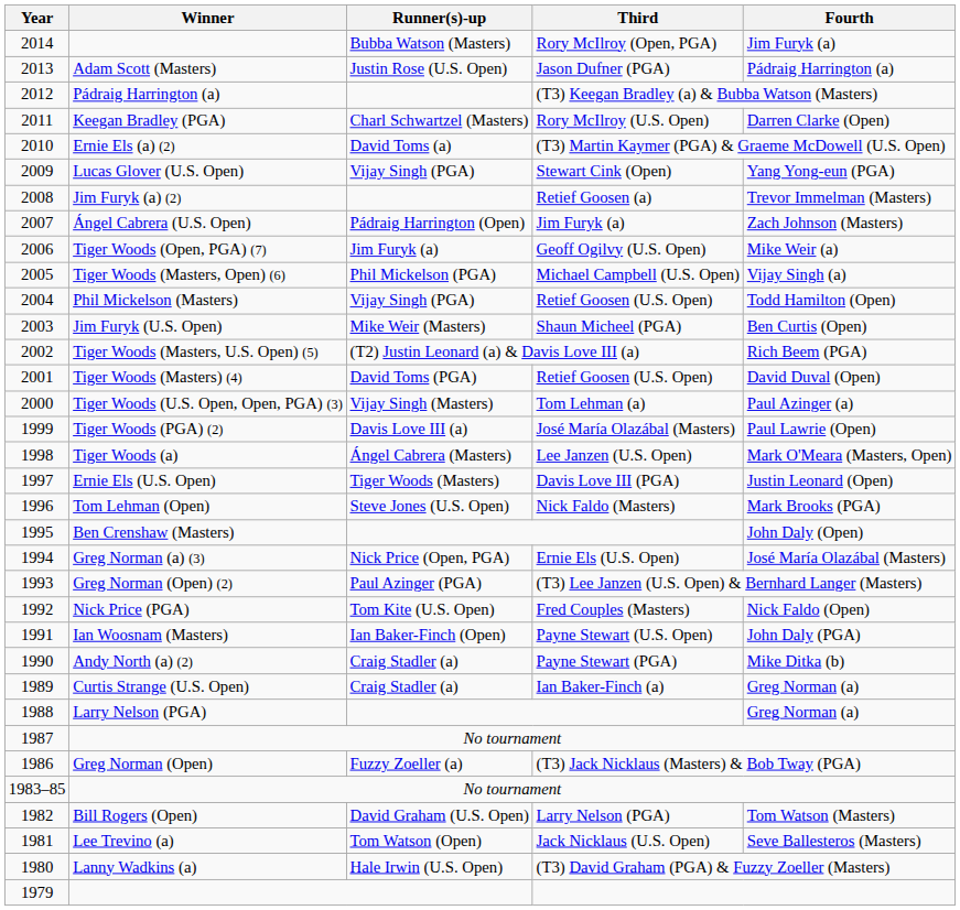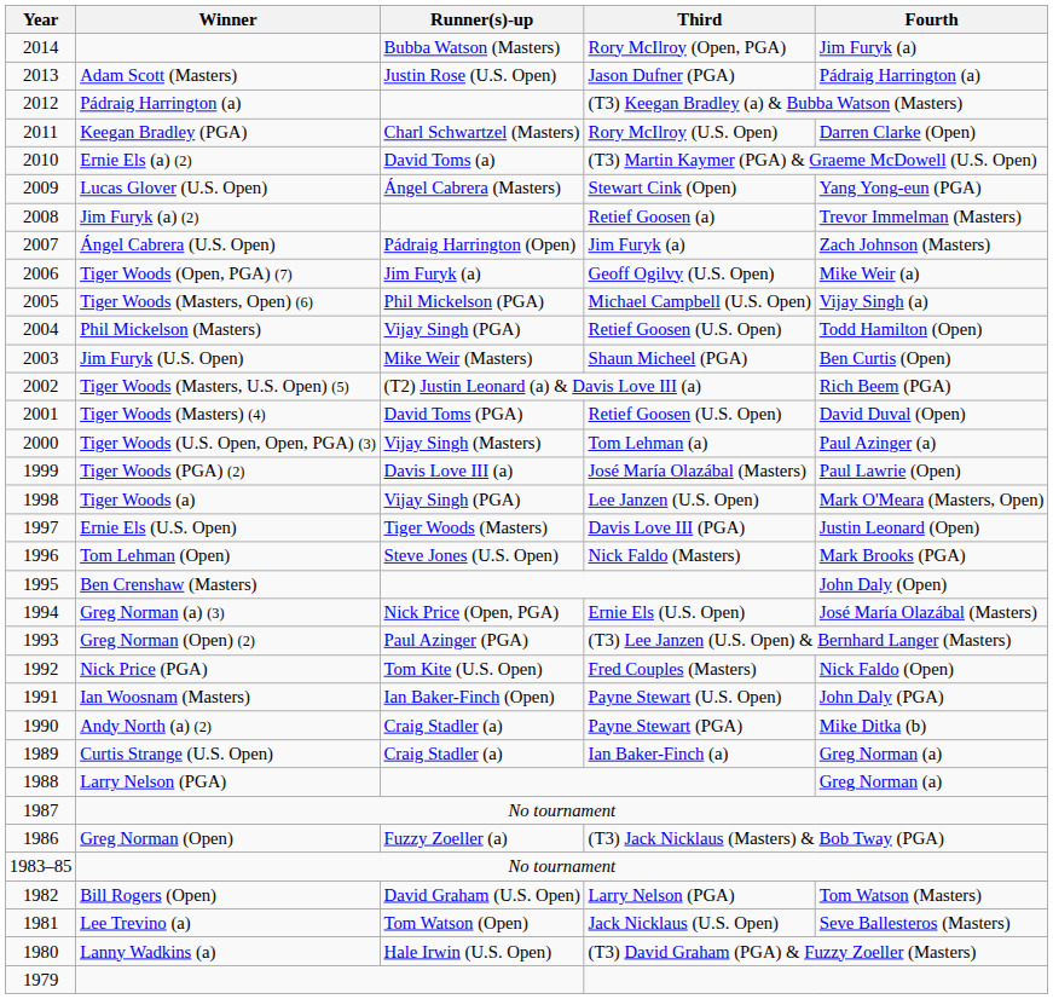 <table class="wikitable">
 <tr>
 <th>Year</th>
 <th>Winner</th>
 <th>Runner(s)-up</th>
 <th>Third</th>
 <th>Fourth</th>
 </tr>
 <tr>
 <td align=center>2014</td>
 <td></td>
 <td> <a href='#'>Bubba Watson</a> (Masters)</td>
 <td> <a href='#'>Rory McIlroy</a> (Open, PGA)</td>
 <td> <a href='#'>Jim Furyk</a> (a)</td>
 </tr>
 <tr>
 <td align=center>2013</td>
 <td> <a href='#'>Adam Scott</a> (Masters)</td>
 <td> <a href='#'>Justin Rose</a> (U.S. Open)</td>
 <td> <a href='#'>Jason Dufner</a> (PGA)</td>
 <td> <a href='#'>Pádraig Harrington</a> (a)</td>
 </tr>
 <tr>
 <td align=center>2012</td>
 <td> <a href='#'>Pádraig Harrington</a> (a)</td>
 <td></td>
 <td colspan=2>(T3)  <a href='#'>Keegan Bradley</a> (a) &  <a href='#'>Bubba Watson</a> (Masters)</td>
 </tr>
 <tr>
 <td align=center>2011</td>
 <td> <a href='#'>Keegan Bradley</a> (PGA)</td>
 <td> <a href='#'>Charl Schwartzel</a> (Masters)</td>
 <td> <a href='#'>Rory McIlroy</a> (U.S. Open)</td>
 <td> <a href='#'>Darren Clarke</a> (Open)</td>
 </tr>
 <tr>
 <td align=center>2010</td>
 <td> <a href='#'>Ernie Els</a> (a) <small>(2)</small></td>
 <td> <a href='#'>David Toms</a> (a)</td>
 <td colspan=2>(T3)  <a href='#'>Martin Kaymer</a> (PGA) &  <a href='#'>Graeme McDowell</a> (U.S. Open)</td>
 </tr>
 <tr>
 <td align=center>2009</td>
 <td> <a href='#'>Lucas Glover</a> (U.S. Open)</td>
-<td> <a href='#'>Vijay Singh</a> (PGA)</td>
+<td>  <a href='#'>Ángel Cabrera</a> (Masters)</td>
 <td> <a href='#'>Stewart Cink</a> (Open)</td>
 <td> <a href='#'>Yang Yong-eun</a> (PGA)</td>
 </tr>
 <tr>
 <td align=center>2008</td>
 <td> <a href='#'>Jim Furyk</a> (a) <small>(2)</small></td>
 <td></td>
 <td> <a href='#'>Retief Goosen</a> (a)</td>
 <td> <a href='#'>Trevor Immelman</a> (Masters)</td>
 </tr>
 <tr>
 <td align=center>2007</td>
 <td> <a href='#'>Ángel Cabrera</a> (U.S. Open)</td>
 <td> <a href='#'>Pádraig Harrington</a> (Open)</td>
 <td> <a href='#'>Jim Furyk</a> (a)</td>
 <td> <a href='#'>Zach Johnson</a> (Masters)</td>
 </tr>
 <tr>
 <td align=center>2006</td>
 <td> <a href='#'>Tiger Woods</a> (Open, PGA) <small>(7)</small></td>
 <td> <a href='#'>Jim Furyk</a> (a)</td>
 <td> <a href='#'>Geoff Ogilvy</a> (U.S. Open)</td>
 <td> <a href='#'>Mike Weir</a> (a)</td>
 </tr>
 <tr>
 <td align=center>2005</td>
 <td> <a href='#'>Tiger Woods</a> (Masters, Open) <small>(6)</small></td>
 <td> <a href='#'>Phil Mickelson</a> (PGA)</td>
 <td> <a href='#'>Michael Campbell</a> (U.S. Open)</td>
 <td> <a href='#'>Vijay Singh</a> (a)</td>
 </tr>
 <tr>
 <td align=center>2004</td>
 <td> <a href='#'>Phil Mickelson</a> (Masters)</td>
 <td> <a href='#'>Vijay Singh</a> (PGA)</td>
 <td> <a href='#'>Retief Goosen</a> (U.S. Open)</td>
 <td> <a href='#'>Todd Hamilton</a> (Open)</td>
 </tr>
 <tr>
 <td align=center>2003</td>
 <td> <a href='#'>Jim Furyk</a> (U.S. Open)</td>
 <td> <a href='#'>Mike Weir</a> (Masters)</td>
 <td> <a href='#'>Shaun Micheel</a> (PGA)</td>
 <td> <a href='#'>Ben Curtis</a> (Open)</td>
 </tr>
 <tr>
 <td align=center>2002</td>
 <td> <a href='#'>Tiger Woods</a> (Masters, U.S. Open) <small>(5)</small></td>
 <td colspan=2>(T2)  <a href='#'>Justin Leonard</a> (a) &  <a href='#'>Davis Love III</a> (a)</td>
 <td> <a href='#'>Rich Beem</a> (PGA)</td>
 </tr>
 <tr>
 <td align=center>2001</td>
 <td> <a href='#'>Tiger Woods</a> (Masters) <small>(4)</small></td>
 <td> <a href='#'>David Toms</a> (PGA)</td>
 <td> <a href='#'>Retief Goosen</a> (U.S. Open)</td>
 <td> <a href='#'>David Duval</a> (Open)</td>
 </tr>
 <tr>
 <td align=center>2000</td>
 <td> <a href='#'>Tiger Woods</a> (U.S. Open, Open, PGA) <small>(3)</small></td>
 <td> <a href='#'>Vijay Singh</a> (Masters)</td>
 <td> <a href='#'>Tom Lehman</a> (a)</td>
 <td> <a href='#'>Paul Azinger</a> (a)</td>
 </tr>
 <tr>
 <td align=center>1999</td>
 <td> <a href='#'>Tiger Woods</a> (PGA) <small>(2)</small></td>
 <td> <a href='#'>Davis Love III</a> (a)</td>
 <td> <a href='#'>José María Olazábal</a> (Masters)</td>
 <td> <a href='#'>Paul Lawrie</a> (Open)</td>
 </tr>
 <tr>
 <td align=center>1998</td>
 <td> <a href='#'>Tiger Woods</a> (a)</td>
-<td>  <a href='#'>Ángel Cabrera</a> (Masters)</td>
+<td> <a href='#'>Vijay Singh</a> (PGA)</td>
 <td> <a href='#'>Lee Janzen</a> (U.S. Open)</td>
 <td> <a href='#'>Mark O'Meara</a> (Masters, Open)</td>
 </tr>
 <tr>
 <td align=center>1997</td>
 <td> <a href='#'>Ernie Els</a> (U.S. Open)</td>
 <td> <a href='#'>Tiger Woods</a> (Masters)</td>
 <td> <a href='#'>Davis Love III</a> (PGA)</td>
 <td> <a href='#'>Justin Leonard</a> (Open)</td>
 </tr>
 <tr>
 <td align=center>1996</td>
 <td> <a href='#'>Tom Lehman</a> (Open)</td>
 <td> <a href='#'>Steve Jones</a> (U.S. Open)</td>
 <td> <a href='#'>Nick Faldo</a> (Masters)</td>
 <td> <a href='#'>Mark Brooks</a> (PGA)</td>
 </tr>
 <tr>
 <td align=center>1995</td>
 <td> <a href='#'>Ben Crenshaw</a> (Masters)</td>
 <td colspan=2></td>
 <td> <a href='#'>John Daly</a> (Open)</td>
 </tr>
 <tr>
 <td align=center>1994</td>
 <td> <a href='#'>Greg Norman</a> (a) <small>(3)</small></td>
 <td> <a href='#'>Nick Price</a> (Open, PGA)</td>
 <td> <a href='#'>Ernie Els</a> (U.S. Open)</td>
 <td> <a href='#'>José María Olazábal</a> (Masters)</td>
 </tr>
 <tr>
 <td align=center>1993</td>
 <td> <a href='#'>Greg Norman</a> (Open) <small>(2)</small></td>
 <td> <a href='#'>Paul Azinger</a> (PGA)</td>
 <td colspan=2>(T3)  <a href='#'>Lee Janzen</a> (U.S. Open) &  <a href='#'>Bernhard Langer</a> (Masters)</td>
 </tr>
 <tr>
 <td align=center>1992</td>
 <td> <a href='#'>Nick Price</a> (PGA)</td>
 <td> <a href='#'>Tom Kite</a> (U.S. Open)</td>
 <td> <a href='#'>Fred Couples</a> (Masters)</td>
 <td> <a href='#'>Nick Faldo</a> (Open)</td>
 </tr>
 <tr>
 <td align=center>1991</td>
 <td> <a href='#'>Ian Woosnam</a> (Masters)</td>
 <td> <a href='#'>Ian Baker-Finch</a> (Open)</td>
 <td> <a href='#'>Payne Stewart</a> (U.S. Open)</td>
 <td> <a href='#'>John Daly</a> (PGA)</td>
 </tr>
 <tr>
 <td align=center>1990</td>
 <td> <a href='#'>Andy North</a> (a) <small>(2)</small></td>
 <td> <a href='#'>Craig Stadler</a> (a)</td>
 <td> <a href='#'>Payne Stewart</a> (PGA)</td>
 <td> <a href='#'>Mike Ditka</a> (b)</td>
 </tr>
 <tr>
 <td align=center>1989</td>
 <td> <a href='#'>Curtis Strange</a> (U.S. Open)</td>
 <td> <a href='#'>Craig Stadler</a> (a)</td>
 <td> <a href='#'>Ian Baker-Finch</a> (a)</td>
 <td> <a href='#'>Greg Norman</a> (a)</td>
 </tr>
 <tr>
 <td align=center>1988</td>
 <td> <a href='#'>Larry Nelson</a> (PGA)</td>
 <td colspan=2></td>
 <td> <a href='#'>Greg Norman</a> (a)</td>
 </tr>
 <tr>
 <td align=center>1987</td>
 <td colspan=4 align=center><em>No tournament</em></td>
 </tr>
 <tr>
 <td align=center>1986</td>
 <td> <a href='#'>Greg Norman</a> (Open)</td>
 <td> <a href='#'>Fuzzy Zoeller</a> (a)</td>
 <td colspan=2>(T3)  <a href='#'>Jack Nicklaus</a> (Masters) &  <a href='#'>Bob Tway</a> (PGA)</td>
 </tr>
 <tr>
 <td align=center>1983–85</td>
 <td colspan=4 align=center><em>No tournament</em></td>
 </tr>
 <tr>
 <td align=center>1982</td>
 <td> <a href='#'>Bill Rogers</a> (Open)</td>
 <td> <a href='#'>David Graham</a> (U.S. Open)</td>
 <td> <a href='#'>Larry Nelson</a> (PGA)</td>
 <td> <a href='#'>Tom Watson</a> (Masters)</td>
 </tr>
 <tr>
 <td align=center>1981</td>
 <td> <a href='#'>Lee Trevino</a> (a)</td>
 <td> <a href='#'>Tom Watson</a> (Open)</td>
 <td> <a href='#'>Jack Nicklaus</a> (U.S. Open)</td>
 <td> <a href='#'>Seve Ballesteros</a> (Masters)</td>
 </tr>
 <tr>
 <td align=center>1980</td>
 <td> <a href='#'>Lanny Wadkins</a> (a)</td>
 <td> <a href='#'>Hale Irwin</a> (U.S. Open)</td>
 <td colspan=2>(T3)  <a href='#'>David Graham</a> (PGA) &  <a href='#'>Fuzzy Zoeller</a> (Masters)</td>
 </tr>
 <tr>
 <td align=center>1979</td>
 <td colspan=2></td>
 <td colspan=2></td>
 </tr>
 </table>
